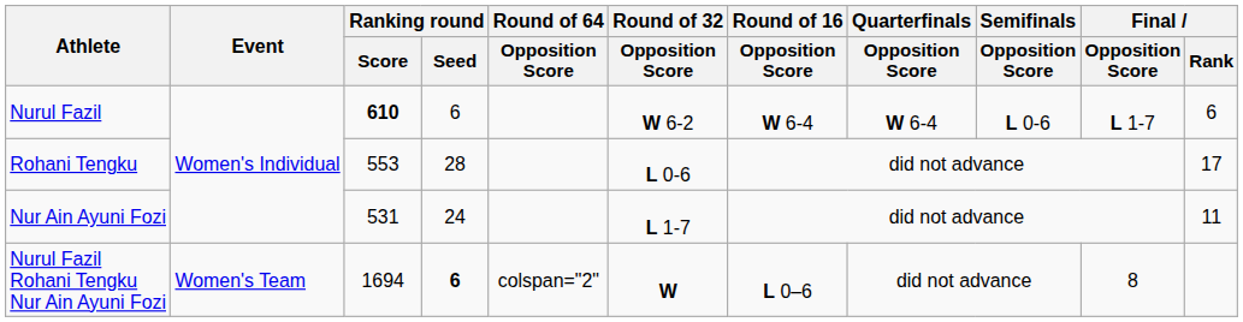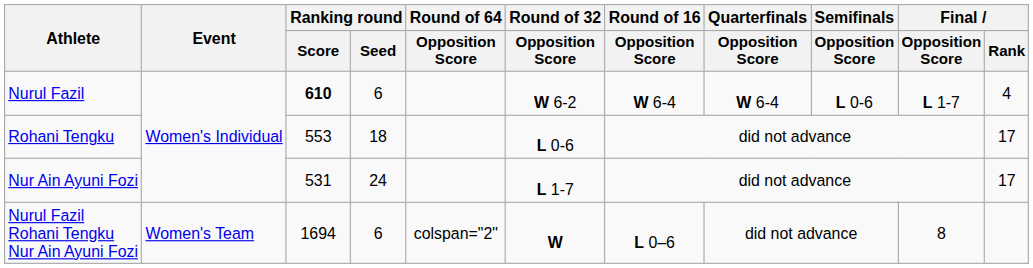 <table class=wikitable style=font-size:88%;text-align:center>
 <tr>
 <th rowspan=2>Athlete</th>
 <th rowspan=2>Event</th>
 <th colspan=2>Ranking round</th>
 <th>Round of 64</th>
 <th>Round of 32</th>
 <th>Round of 16</th>
 <th>Quarterfinals</th>
 <th>Semifinals</th>
 <th colspan=2>Final / </th>
 </tr>
 <tr style=font-size:95%>
 <th>Score</th>
 <th>Seed</th>
 <th>Opposition<br>Score</th>
 <th>Opposition<br>Score</th>
 <th>Opposition<br>Score</th>
 <th>Opposition<br>Score</th>
 <th>Opposition<br>Score</th>
 <th>Opposition<br>Score</th>
 <th>Rank</th>
 </tr>
 <tr>
 <td align=left><a href='#'>Nurul Fazil</a></td>
 <td align=left rowspan=3><a href='#'>Women's Individual</a></td>
 <td><strong>610</strong></td>
 <td>6</td>
 <td></td>
 <td><br><strong>W</strong> 6-2</td>
 <td><br><strong>W</strong> 6-4</td>
 <td><br><strong>W</strong> 6-4</td>
 <td><br><strong>L</strong> 0-6</td>
 <td><br><strong>L</strong> 1-7</td>
-<td>6</td>
+<td>4</td>
 </tr>
 <tr>
 <td align=left><a href='#'>Rohani Tengku</a></td>
 <td>553</td>
-<td>28</td>
+<td>18</td>
 <td></td>
 <td><br><strong>L</strong> 0-6</td>
 <td colspan="4">did not advance</td>
 <td>17</td>
 </tr>
 <tr>
 <td align=left><a href='#'>Nur Ain Ayuni Fozi</a></td>
 <td>531</td>
 <td>24</td>
 <td></td>
 <td><br><strong>L</strong> 1-7</td>
 <td colspan="4">did not advance</td>
-<td>11</td>
+<td>17</td>
 </tr>
 <tr>
 <td align=left><a href='#'>Nurul Fazil</a><br><a href='#'>Rohani Tengku</a><br><a href='#'>Nur Ain Ayuni Fozi</a></td>
 <td align=left><a href='#'>Women's Team</a></td>
 <td>1694</td>
-<td><strong>6</strong></td>
+<td>6</td>
 <td>colspan="2" </td>
 <td><br><strong>W</strong></td>
 <td><br><strong>L</strong> 0–6</td>
 <td colspan="2">did not advance</td>
 <td>8</td>
 </tr>
 </table>
